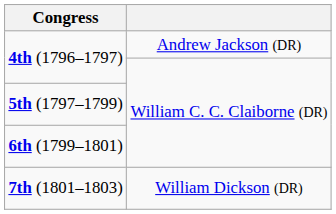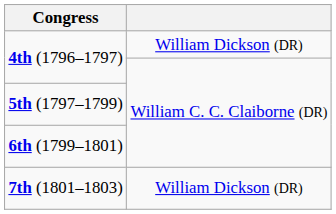 <table class=wikitable style="text-align:center">
 <tr>
 <th>Congress</th>
 <th></th>
 </tr>
 <tr style="height:1.5em">
 <td rowspan=2><strong><a href='#'>4th</a></strong> (1796–1797)</td>
-<td><a href='#'>Andrew Jackson</a> <small>(DR)</small></td>
+<td><a href='#'>William Dickson</a> <small>(DR)</small></td>
 </tr>
 <tr style="height:1.5em">
 <td rowspan=3 ><a href='#'>William C. C. Claiborne</a> <small>(DR)</small></td>
 </tr>
 <tr style="height:2.5em">
 <td><strong><a href='#'>5th</a></strong> (1797–1799)</td>
 </tr>
 <tr style="height:2.5em">
 <td><strong><a href='#'>6th</a></strong> (1799–1801)</td>
 </tr>
 <tr style="height:2.5em">
 <td><strong><a href='#'>7th</a></strong> (1801–1803)</td>
 <td><a href='#'>William Dickson</a> <small>(DR)</small></td>
 </tr>
 </table>
